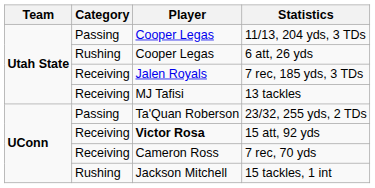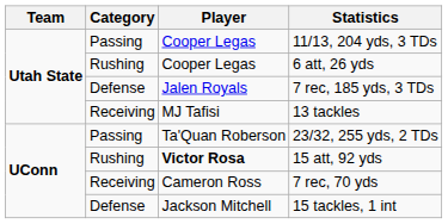 <table class="wikitable" style="float: right;">
 <tr>
 <th>Team</th>
 <th>Category</th>
 <th>Player</th>
 <th>Statistics</th>
 </tr>
 <tr>
 <td rowspan=4><strong>Utah State</strong></td>
 <td>Passing</td>
 <td><a href='#'>Cooper Legas</a></td>
 <td>11/13, 204 yds, 3 TDs</td>
 </tr>
 <tr>
 <td>Rushing</td>
 <td>Cooper Legas</td>
 <td>6 att, 26 yds</td>
 </tr>
 <tr>
-<td>Receiving</td>
+<td>Defense</td>
 <td><a href='#'>Jalen Royals</a></td>
 <td>7 rec, 185 yds, 3 TDs</td>
 </tr>
 <tr>
 <td>Receiving</td>
 <td>MJ Tafisi</td>
 <td>13 tackles</td>
 </tr>
 <tr>
 <td rowspan=4><strong>UConn</strong></td>
 <td>Passing</td>
 <td>Ta'Quan Roberson</td>
 <td>23/32, 255 yds, 2 TDs</td>
 </tr>
 <tr>
-<td>Receiving</td>
+<td>Rushing</td>
 <td><strong>Victor Rosa</strong></td>
 <td>15 att, 92 yds</td>
 </tr>
 <tr>
 <td>Receiving</td>
 <td>Cameron Ross</td>
 <td>7 rec, 70 yds</td>
 </tr>
 <tr>
-<td>Rushing</td>
+<td>Defense</td>
 <td>Jackson Mitchell</td>
 <td>15 tackles, 1 int</td>
 </tr>
 </table>
